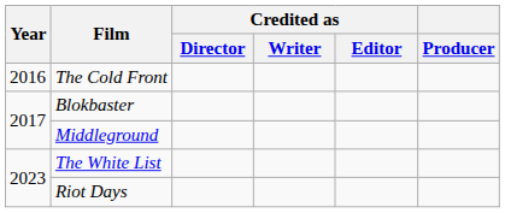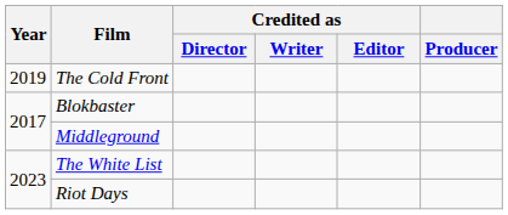 <table class="wikitable">
 <tr>
 <th rowspan="2" style="width:33px;">Year</th>
 <th rowspan="2">Film</th>
 <th colspan="3">Credited as</th>
 <th></th>
 </tr>
 <tr>
 <th width="65"><a href='#'>Director</a></th>
 <th width="65"><a href='#'>Writer</a></th>
 <th width="65"><a href='#'>Editor</a></th>
 <th width="65"><a href='#'>Producer</a></th>
 </tr>
 <tr>
-<td>2016</td>
+<td>2019</td>
 <td><em>The Cold Front</em></td>
 <td></td>
 <td></td>
 <td></td>
 <td></td>
 </tr>
 <tr>
 <td rowspan="2">2017</td>
 <td><em>Blokbaster</em></td>
 <td></td>
 <td></td>
 <td></td>
 <td></td>
 </tr>
 <tr>
 <td><em><a href='#'>Middleground</a></em></td>
 <td></td>
 <td></td>
 <td></td>
 <td></td>
 </tr>
 <tr>
 <td rowspan="2">2023</td>
 <td><em><a href='#'>The White List</a></em></td>
 <td></td>
 <td></td>
 <td></td>
 <td></td>
 </tr>
 <tr>
 <td><em>Riot Days</em></td>
 <td></td>
 <td></td>
 <td></td>
 <td></td>
 </tr>
 </table>
